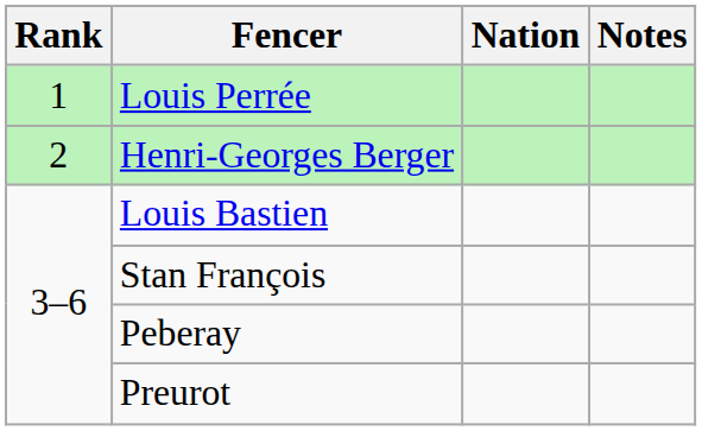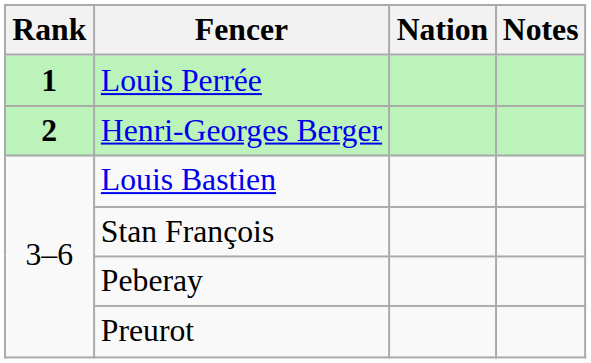 <table class="wikitable sortable" style="text-align:center">
 <tr>
 <th>Rank</th>
 <th>Fencer</th>
 <th>Nation</th>
 <th>Notes</th>
 </tr>
 <tr bgcolor=bbf3bb>
-<td>1</td>
+<td><strong>1</strong></td>
 <td align=left><a href='#'>Louis Perrée</a></td>
 <td align=left></td>
 <td></td>
 </tr>
 <tr bgcolor=bbf3bb>
-<td>2</td>
+<td><strong>2</strong></td>
 <td align=left><a href='#'>Henri-Georges Berger</a></td>
 <td align=left></td>
 <td></td>
 </tr>
 <tr>
 <td rowspan=4 align=center>3–6</td>
 <td align=left><a href='#'>Louis Bastien</a></td>
 <td align=left></td>
 <td></td>
 </tr>
 <tr>
 <td align=left>Stan François</td>
 <td align=left></td>
 <td></td>
 </tr>
 <tr>
 <td align=left>Peberay</td>
 <td align=left></td>
 <td></td>
 </tr>
 <tr>
 <td align=left>Preurot</td>
 <td align=left></td>
 <td></td>
 </tr>
 </table>
